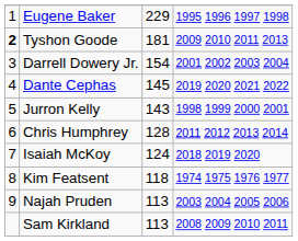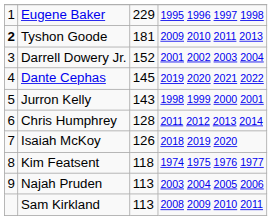 <table class="wikitable" style="display:inline-table;">
 <tr>
 </tr>
 <tr>
 <td>1</td>
 <td><a href='#'>Eugene Baker</a></td>
 <td>229</td>
 <td style="font-size:80%;"><a href='#'>1995</a> <a href='#'>1996</a> <a href='#'>1997</a> <a href='#'>1998</a></td>
 </tr>
 <tr>
 <td><strong>2</strong></td>
 <td>Tyshon Goode</td>
 <td>181</td>
 <td style="font-size:80%;"><a href='#'>2009</a> <a href='#'>2010</a> <a href='#'>2011</a> <a href='#'>2013</a></td>
 </tr>
 <tr>
 <td>3</td>
 <td>Darrell Dowery Jr.</td>
-<td>154</td>
+<td>152</td>
 <td style="font-size:80%;"><a href='#'>2001</a> <a href='#'>2002</a> <a href='#'>2003</a> <a href='#'>2004</a></td>
 </tr>
 <tr>
 <td>4</td>
 <td><a href='#'>Dante Cephas</a></td>
 <td>145</td>
 <td style="font-size:80%;"><a href='#'>2019</a> <a href='#'>2020</a> <a href='#'>2021</a> <a href='#'>2022</a></td>
 </tr>
 <tr>
 <td>5</td>
 <td>Jurron Kelly</td>
 <td>143</td>
 <td style="font-size:80%;"><a href='#'>1998</a> <a href='#'>1999</a> <a href='#'>2000</a> <a href='#'>2001</a></td>
 </tr>
 <tr>
 <td>6</td>
 <td>Chris Humphrey</td>
 <td>128</td>
 <td style="font-size:80%;"><a href='#'>2011</a> <a href='#'>2012</a> <a href='#'>2013</a> <a href='#'>2014</a></td>
 </tr>
 <tr>
 <td>7</td>
 <td>Isaiah McKoy</td>
-<td>124</td>
+<td>126</td>
 <td style="font-size:80%;"><a href='#'>2018</a> <a href='#'>2019</a> <a href='#'>2020</a></td>
 </tr>
 <tr>
 <td>8</td>
 <td>Kim Featsent</td>
 <td>118</td>
 <td style="font-size:80%;"><a href='#'>1974</a> <a href='#'>1975</a> <a href='#'>1976</a> <a href='#'>1977</a></td>
 </tr>
 <tr>
 <td>9</td>
 <td>Najah Pruden</td>
 <td>113</td>
 <td style="font-size:80%;"><a href='#'>2003</a> <a href='#'>2004</a> <a href='#'>2005</a> <a href='#'>2006</a></td>
 </tr>
 <tr>
 <td></td>
 <td>Sam Kirkland</td>
 <td>113</td>
 <td style="font-size:80%;"><a href='#'>2008</a> <a href='#'>2009</a> <a href='#'>2010</a> <a href='#'>2011</a></td>
 </tr>
 </table>
